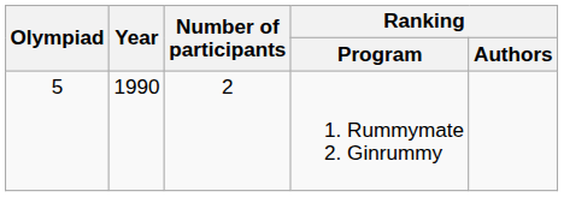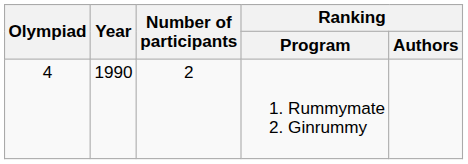 <table class="wikitable">
 <tr>
 <th rowspan=2>Olympiad</th>
 <th rowspan=2>Year</th>
 <th rowspan=2>Number of<br>participants</th>
 <th colspan=2>Ranking</th>
 </tr>
 <tr align="center">
 <th>Program</th>
 <th>Authors</th>
 </tr>
 <tr align="center" valign="top">
-<td>5</td>
+<td>4</td>
 <td>1990</td>
 <td>2</td>
 <td align="left"><br><ol><li>Rummymate</li><li>Ginrummy</li></ol></td>
 <td></td>
 </tr>
 </table>
